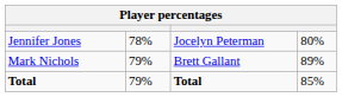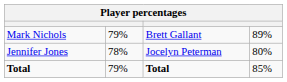 <table class="wikitable">
 <tr>
 <th colspan=4 width=400>Player percentages</th>
 </tr>
 <tr>
 <th colspan=2 width=200 style="white-space:nowrap;"> </th>
 <th colspan=2 width=200 style="white-space:nowrap;"> </th>
 </tr>
 <tr>
+<td><a href='#'>Mark Nichols</a></td>
+<td>79%</td>
+<td><a href='#'>Brett Gallant</a></td>
+<td>89%</td>
+</tr>
+<tr>
 <td><a href='#'>Jennifer Jones</a></td>
 <td>78%</td>
 <td><a href='#'>Jocelyn Peterman</a></td>
 <td>80%</td>
-</tr>
-<tr>
-<td><a href='#'>Mark Nichols</a></td>
-<td>79%</td>
-<td><a href='#'>Brett Gallant</a></td>
-<td>89%</td>
 </tr>
 <tr>
 <td><strong>Total</strong></td>
 <td>79%</td>
 <td><strong>Total</strong></td>
 <td>85%</td>
 </tr>
 </table>
